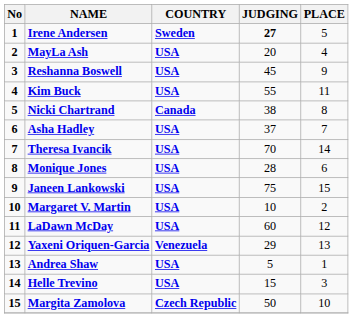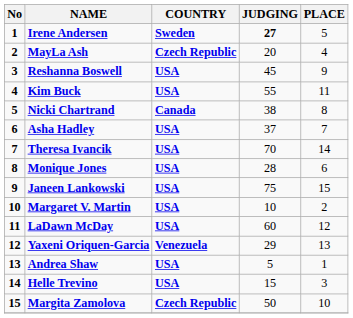 <table class="wikitable">
 <tr>
 <th>No</th>
 <th>NAME</th>
 <th>COUNTRY</th>
 <th>JUDGING</th>
 <th>PLACE</th>
 </tr>
 <tr>
 <td style="text-align: center"><strong>1</strong></td>
 <td><strong><a href='#'>Irene Andersen</a></strong></td>
 <td> <strong><a href='#'>Sweden</a></strong></td>
 <td style="text-align: center"><strong>27</strong></td>
 <td style="text-align: center">5</td>
 </tr>
 <tr>
 <td style="text-align: center"><strong>2</strong></td>
 <td><strong><a href='#'>MayLa Ash</a></strong></td>
-<td> <strong><a href='#'>USA</a></strong></td>
+<td> <strong><a href='#'>Czech Republic</a></strong></td>
 <td style="text-align: center">20</td>
 <td style="text-align: center">4</td>
 </tr>
 <tr>
 <td style="text-align: center"><strong>3</strong></td>
 <td><strong><a href='#'>Reshanna Boswell</a></strong></td>
 <td> <strong><a href='#'>USA</a></strong></td>
 <td style="text-align: center">45</td>
 <td style="text-align: center">9</td>
 </tr>
 <tr>
 <td style="text-align: center"><strong>4</strong></td>
 <td><strong><a href='#'>Kim Buck</a></strong></td>
 <td> <strong><a href='#'>USA</a></strong></td>
 <td style="text-align: center">55</td>
 <td style="text-align: center">11</td>
 </tr>
 <tr>
 <td style="text-align: center"><strong>5</strong></td>
 <td><strong><a href='#'>Nicki Chartrand</a></strong></td>
 <td> <strong><a href='#'>Canada</a></strong></td>
 <td style="text-align: center">38</td>
 <td style="text-align: center">8</td>
 </tr>
 <tr>
 <td style="text-align: center"><strong>6</strong></td>
 <td><strong><a href='#'>Asha Hadley</a></strong></td>
 <td> <strong><a href='#'>USA</a></strong></td>
 <td style="text-align: center">37</td>
 <td style="text-align: center">7</td>
 </tr>
 <tr>
 <td style="text-align: center"><strong>7</strong></td>
 <td><strong><a href='#'>Theresa Ivancik</a></strong></td>
 <td> <strong><a href='#'>USA</a></strong></td>
 <td style="text-align: center">70</td>
 <td style="text-align: center">14</td>
 </tr>
 <tr>
 <td style="text-align: center"><strong>8</strong></td>
 <td><strong><a href='#'>Monique Jones</a></strong></td>
 <td> <strong><a href='#'>USA</a></strong></td>
 <td style="text-align: center">28</td>
 <td style="text-align: center">6</td>
 </tr>
 <tr>
 <td style="text-align: center"><strong>9</strong></td>
 <td><strong><a href='#'>Janeen Lankowski</a></strong></td>
 <td> <strong><a href='#'>USA</a></strong></td>
 <td style="text-align: center">75</td>
 <td style="text-align: center">15</td>
 </tr>
 <tr>
 <td style="text-align: center"><strong>10</strong></td>
 <td><strong><a href='#'>Margaret V. Martin</a></strong></td>
 <td> <strong><a href='#'>USA</a></strong></td>
 <td style="text-align: center">10</td>
 <td style="text-align: center">2</td>
 </tr>
 <tr>
 <td style="text-align: center"><strong>11</strong></td>
 <td><strong><a href='#'>LaDawn McDay</a></strong></td>
 <td> <strong><a href='#'>USA</a></strong></td>
 <td style="text-align: center">60</td>
 <td style="text-align: center">12</td>
 </tr>
 <tr>
 <td style="text-align: center"><strong>12</strong></td>
 <td><strong><a href='#'>Yaxeni Oriquen-Garcia</a></strong></td>
 <td> <strong><a href='#'>Venezuela</a></strong></td>
 <td style="text-align: center">29</td>
 <td style="text-align: center">13</td>
 </tr>
 <tr>
 <td style="text-align: center"><strong>13</strong></td>
 <td><strong><a href='#'>Andrea Shaw</a></strong></td>
 <td> <strong><a href='#'>USA</a></strong></td>
 <td style="text-align: center">5</td>
 <td style="text-align: center">1</td>
 </tr>
 <tr>
 <td style="text-align: center"><strong>14</strong></td>
 <td><strong><a href='#'>Helle Trevino</a></strong></td>
 <td> <strong><a href='#'>USA</a></strong></td>
 <td style="text-align: center">15</td>
 <td style="text-align: center">3</td>
 </tr>
 <tr>
 <td style="text-align: center"><strong>15</strong></td>
 <td><strong><a href='#'>Margita Zamolova</a></strong></td>
 <td> <strong><a href='#'>Czech Republic</a></strong></td>
 <td style="text-align: center">50</td>
 <td style="text-align: center">10</td>
 </tr>
 <tr>
 </tr>
 </table>
